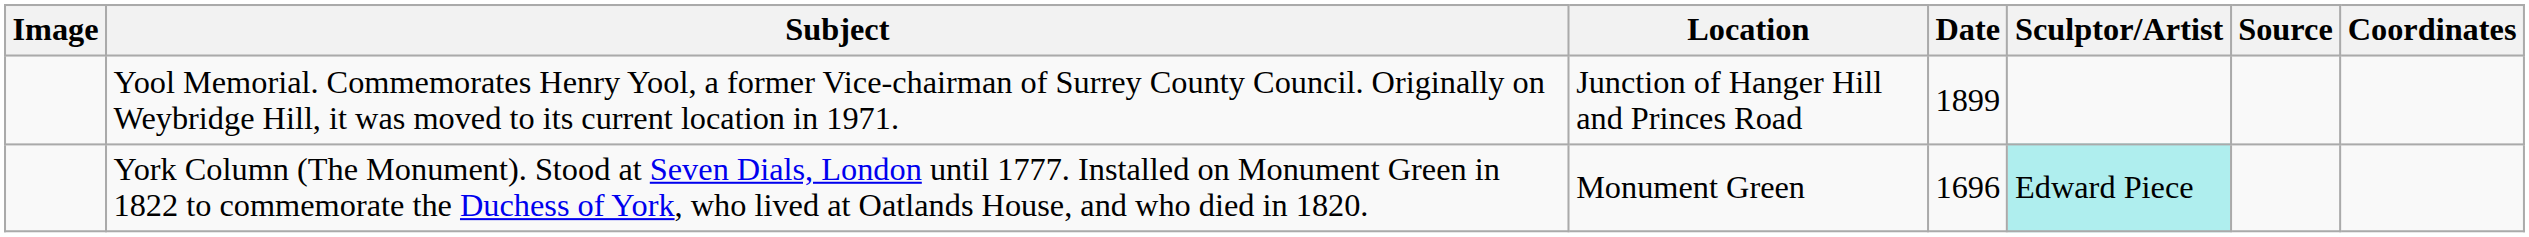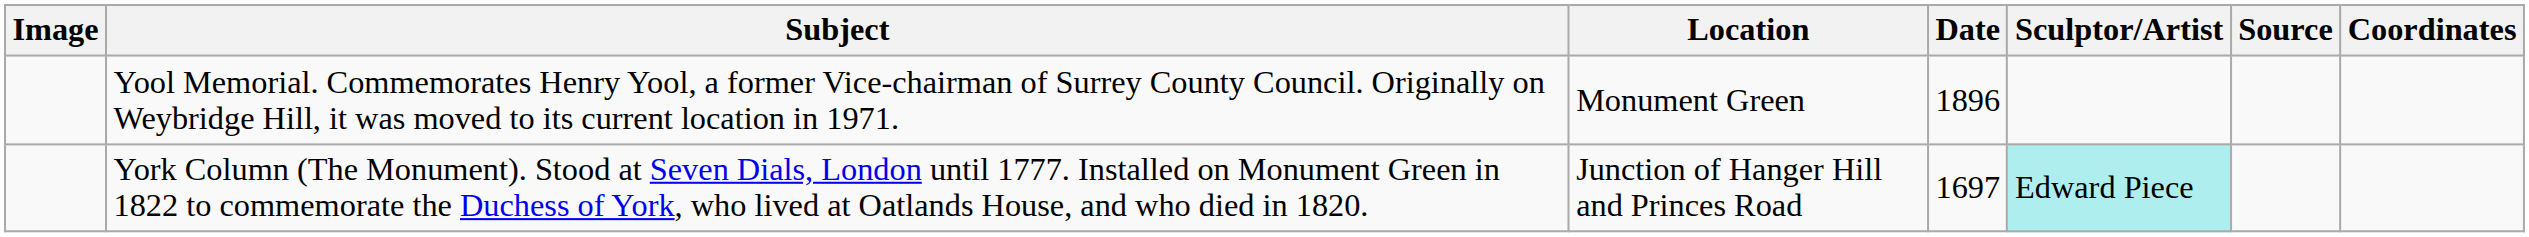 <table class="wikitable sortable">
 <tr>
 <th>Image</th>
 <th>Subject</th>
 <th>Location</th>
 <th>Date</th>
 <th>Sculptor/Artist</th>
 <th>Source</th>
 <th>Coordinates</th>
 </tr>
 <tr>
 <td></td>
 <td>Yool Memorial. Commemorates Henry Yool, a former Vice-chairman of Surrey County Council. Originally on Weybridge Hill, it was moved to its current location in 1971.</td>
-<td>Junction of Hanger Hill and Princes Road</td>
-<td>1899</td>
+<td>Monument Green</td>
+<td>1896</td>
 <td></td>
 <td></td>
 <td></td>
 </tr>
 <tr>
 <td></td>
 <td>York Column (The Monument).  Stood at <a href='#'>Seven Dials, London</a> until 1777. Installed on Monument Green in 1822 to commemorate the <a href='#'>Duchess of York</a>, who lived at Oatlands House, and who died in 1820.</td>
-<td>Monument Green</td>
-<td>1696</td>
+<td>Junction of Hanger Hill and Princes Road</td>
+<td>1697</td>
 <td style="background: paleturquoise;">Edward Piece</td>
 <td></td>
 <td></td>
 </tr>
 </table>
